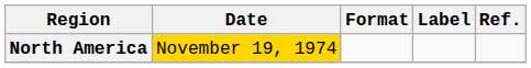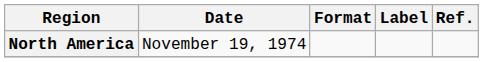 <table class="wikitable plainrowheaders">
 <tr>
 <th scope="col">Region</th>
 <th scope="col">Date</th>
 <th scope="col">Format</th>
 <th scope="col">Label</th>
 <th scope="col">Ref.</th>
 </tr>
 <tr>
 <th scope="row">North America</th>
-<td style="background: gold;">November 19, 1974</td>
+<td>November 19, 1974</td>
 <td></td>
 <td></td>
 <td></td>
 </tr>
 <tr>
 </tr>
 </table>
